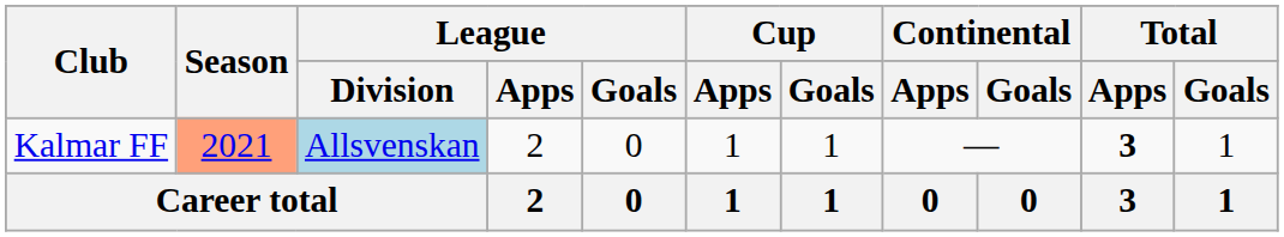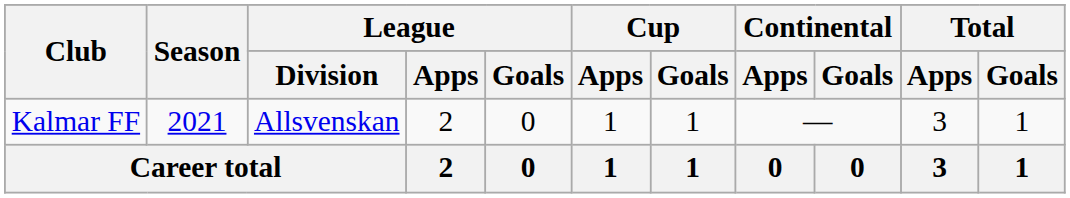 <table class="wikitable" Style="text-align: center">
 <tr>
 <th rowspan="2">Club</th>
 <th rowspan="2">Season</th>
 <th colspan="3">League</th>
 <th colspan="2">Cup</th>
 <th colspan="2">Continental</th>
 <th colspan="2">Total</th>
 </tr>
 <tr>
 <th>Division</th>
 <th>Apps</th>
 <th>Goals</th>
 <th>Apps</th>
 <th>Goals</th>
 <th>Apps</th>
 <th>Goals</th>
 <th>Apps</th>
 <th>Goals</th>
 </tr>
 <tr>
 <td rowspan="1"><a href='#'>Kalmar FF</a></td>
-<td style="background: lightsalmon;"><a href='#'>2021</a></td>
-<td rowspan="1" style="background: lightblue;"><a href='#'>Allsvenskan</a></td>
+<td><a href='#'>2021</a></td>
+<td rowspan="1"><a href='#'>Allsvenskan</a></td>
 <td>2</td>
 <td>0</td>
 <td>1</td>
 <td>1</td>
 <td colspan="2">—</td>
-<td><strong>3</strong></td>
+<td>3</td>
 <td>1</td>
 </tr>
 <tr>
 <th colspan="3">Career total</th>
 <th>2</th>
 <th>0</th>
 <th>1</th>
 <th>1</th>
 <th>0</th>
 <th>0</th>
 <th>3</th>
 <th>1</th>
 </tr>
 </table>
